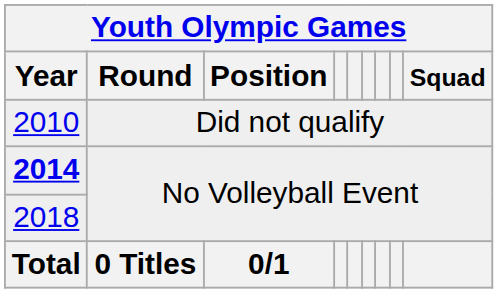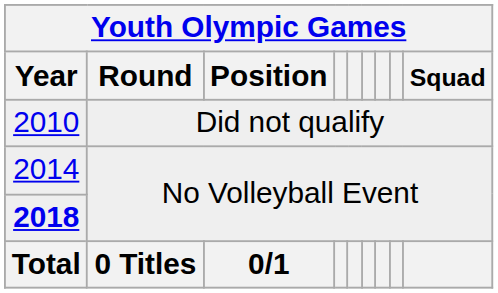 <table class="wikitable" style="text-align: center;">
 <tr>
 <th colspan=9><a href='#'>Youth Olympic Games</a></th>
 </tr>
 <tr>
 <th>Year</th>
 <th>Round</th>
 <th>Position</th>
 <th></th>
 <th></th>
 <th></th>
 <th></th>
 <th></th>
 <th><small>Squad</small></th>
 </tr>
 <tr bgcolor="efefef">
 <td> <a href='#'>2010</a></td>
 <td colspan=9>Did not qualify</td>
 </tr>
 <tr bgcolor="efefef">
-<td><strong> <a href='#'>2014</a></strong></td>
+<td> <a href='#'>2014</a></td>
 <td colspan=9 rowspan= 2 align=center>No Volleyball Event</td>
 </tr>
 <tr bgcolor="efefef">
-<td> <a href='#'>2018</a></td>
+<td><strong> <a href='#'>2018</a></strong></td>
 </tr>
 <tr>
 <th>Total</th>
 <th>0 Titles</th>
 <th>0/1</th>
 <th></th>
 <th></th>
 <th></th>
 <th></th>
 <th></th>
 <th></th>
 </tr>
 </table>
